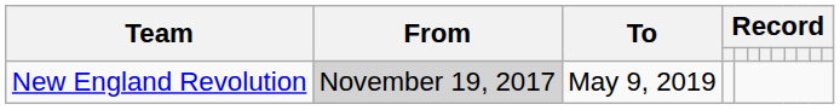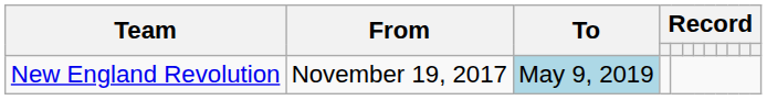 <table class="wikitable" style="text-align: center">
 <tr>
 <th rowspan="2">Team</th>
 <th rowspan="2">From</th>
 <th rowspan="2">To</th>
 <th colspan="9">Record</th>
 </tr>
 <tr>
 <th></th>
 <th></th>
 <th></th>
 <th></th>
 <th></th>
 <th></th>
 <th></th>
 <th></th>
 <th></th>
 </tr>
 <tr>
 <td><a href='#'>New England Revolution</a></td>
-<td style="background: lightgrey;">November 19, 2017</td>
-<td>May 9, 2019<br></td>
+<td>November 19, 2017</td>
+<td style="background: lightblue;">May 9, 2019<br></td>
 <td></td>
 </tr>
 </table>
